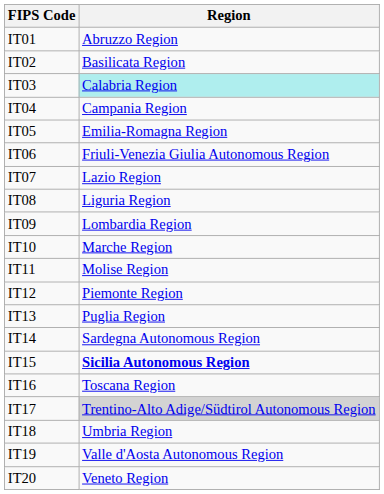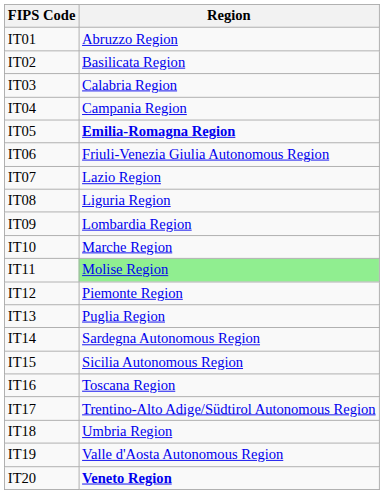 <table class="wikitable">
 <tr>
 <th>FIPS Code</th>
 <th>Region</th>
 </tr>
 <tr>
 <td>IT01</td>
 <td><a href='#'>Abruzzo Region</a></td>
 </tr>
 <tr>
 <td>IT02</td>
 <td><a href='#'>Basilicata Region</a></td>
 </tr>
 <tr>
 <td>IT03</td>
-<td style="background: paleturquoise;"><a href='#'>Calabria Region</a></td>
+<td><a href='#'>Calabria Region</a></td>
 </tr>
 <tr>
 <td>IT04</td>
 <td><a href='#'>Campania Region</a></td>
 </tr>
 <tr>
 <td>IT05</td>
-<td><a href='#'>Emilia-Romagna Region</a></td>
+<td><strong><a href='#'>Emilia-Romagna Region</a></strong></td>
 </tr>
 <tr>
 <td>IT06</td>
 <td><a href='#'>Friuli-Venezia Giulia Autonomous Region</a></td>
 </tr>
 <tr>
 <td>IT07</td>
 <td><a href='#'>Lazio Region</a></td>
 </tr>
 <tr>
 <td>IT08</td>
 <td><a href='#'>Liguria Region</a></td>
 </tr>
 <tr>
 <td>IT09</td>
 <td><a href='#'>Lombardia Region</a></td>
 </tr>
 <tr>
 <td>IT10</td>
 <td><a href='#'>Marche Region</a></td>
 </tr>
 <tr>
 <td>IT11</td>
-<td><a href='#'>Molise Region</a></td>
+<td style="background: lightgreen;"><a href='#'>Molise Region</a></td>
 </tr>
 <tr>
 <td>IT12</td>
 <td><a href='#'>Piemonte Region</a></td>
 </tr>
 <tr>
 <td>IT13</td>
 <td><a href='#'>Puglia Region</a></td>
 </tr>
 <tr>
 <td>IT14</td>
 <td><a href='#'>Sardegna Autonomous Region</a></td>
 </tr>
 <tr>
 <td>IT15</td>
-<td><strong><a href='#'>Sicilia Autonomous Region</a></strong></td>
+<td><a href='#'>Sicilia Autonomous Region</a></td>
 </tr>
 <tr>
 <td>IT16</td>
 <td><a href='#'>Toscana Region</a></td>
 </tr>
 <tr>
 <td>IT17</td>
-<td style="background: lightgrey;"><a href='#'>Trentino-Alto Adige/Südtirol Autonomous Region</a></td>
+<td><a href='#'>Trentino-Alto Adige/Südtirol Autonomous Region</a></td>
 </tr>
 <tr>
 <td>IT18</td>
 <td><a href='#'>Umbria Region</a></td>
 </tr>
 <tr>
 <td>IT19</td>
 <td><a href='#'>Valle d'Aosta Autonomous Region</a></td>
 </tr>
 <tr>
 <td>IT20</td>
-<td><a href='#'>Veneto Region</a></td>
+<td><strong><a href='#'>Veneto Region</a></strong></td>
 </tr>
 </table>
